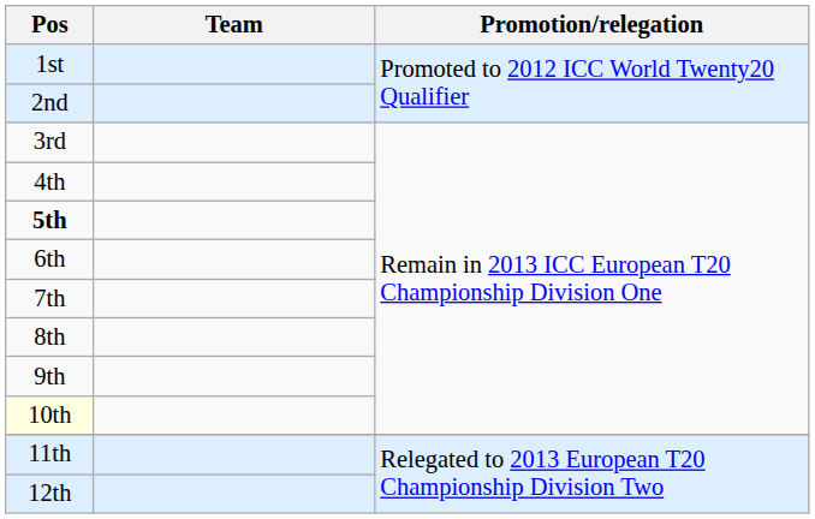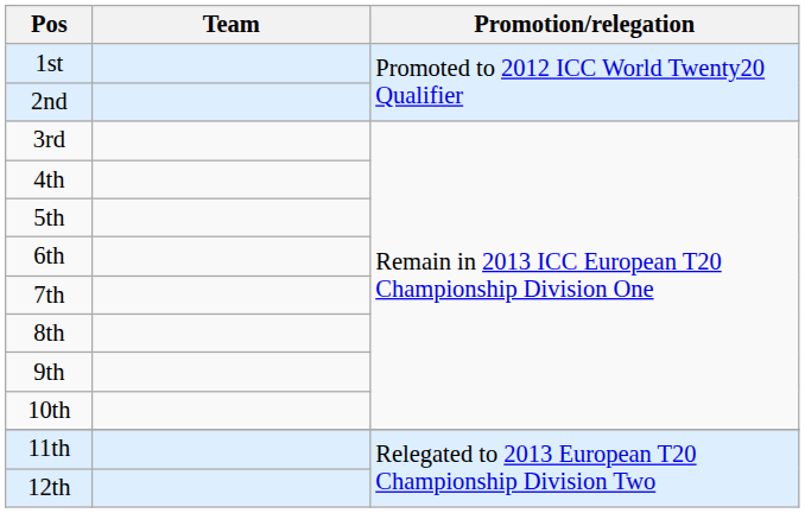 <table class="wikitable">
 <tr>
 <th width=50>Pos</th>
 <th width=175>Team</th>
 <th width=275>Promotion/relegation</th>
 </tr>
 <tr style="background:#def;">
 <td style="text-align:center;">1st</td>
 <td></td>
 <td rowspan=2>Promoted to <a href='#'>2012 ICC World Twenty20 Qualifier</a></td>
 </tr>
 <tr style="background:#def;">
 <td style="text-align:center;">2nd</td>
 <td></td>
 </tr>
 <tr>
 <td style="text-align:center;">3rd</td>
 <td></td>
 <td rowspan=8>Remain in <a href='#'>2013 ICC European T20 Championship Division One</a></td>
 </tr>
 <tr>
 <td style="text-align:center;">4th</td>
 <td></td>
 </tr>
 <tr>
-<td style="text-align:center;"><strong>5th</strong></td>
+<td style="text-align:center;">5th</td>
 <td></td>
 </tr>
 <tr>
 <td style="text-align:center;">6th</td>
 <td></td>
 </tr>
 <tr>
 <td style="text-align:center;">7th</td>
 <td></td>
 </tr>
 <tr>
 <td style="text-align:center;">8th</td>
 <td></td>
 </tr>
 <tr>
 <td style="text-align:center;">9th</td>
 <td></td>
 </tr>
 <tr>
-<td style="background: lightyellow; text-align:center;">10th</td>
+<td style="text-align:center;">10th</td>
 <td></td>
 </tr>
 <tr>
 </tr>
 <tr style="background:#def;">
 <td style="text-align:center;">11th</td>
 <td></td>
 <td rowspan=2>Relegated to <a href='#'>2013 European T20 Championship Division Two</a></td>
 </tr>
 <tr style="background:#def;">
 <td style="text-align:center;">12th</td>
 <td></td>
 </tr>
 </table>
